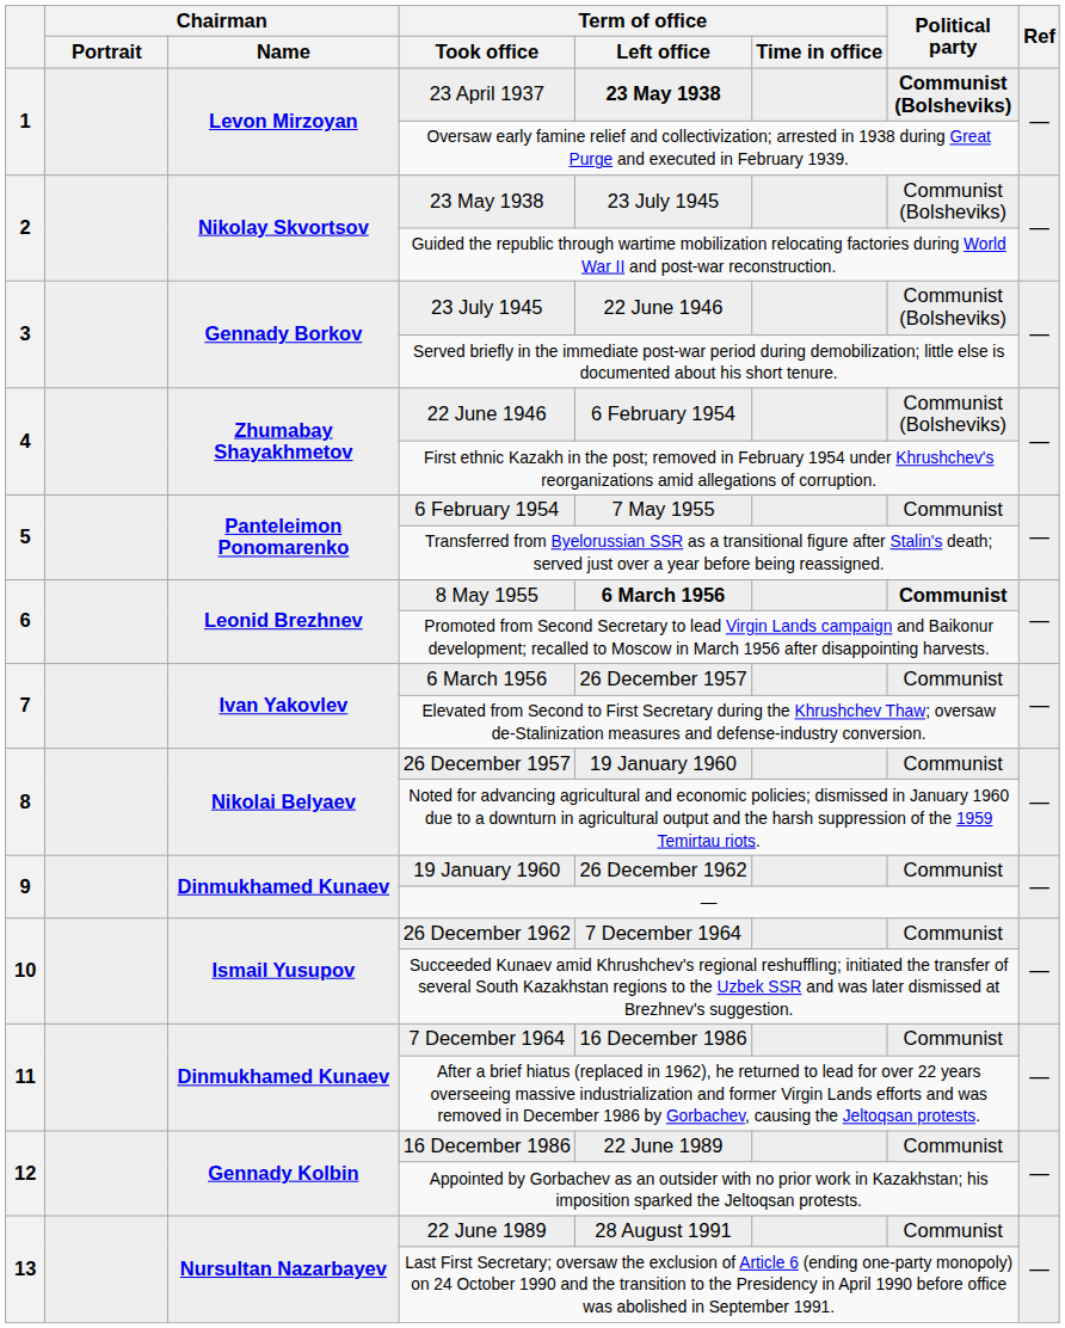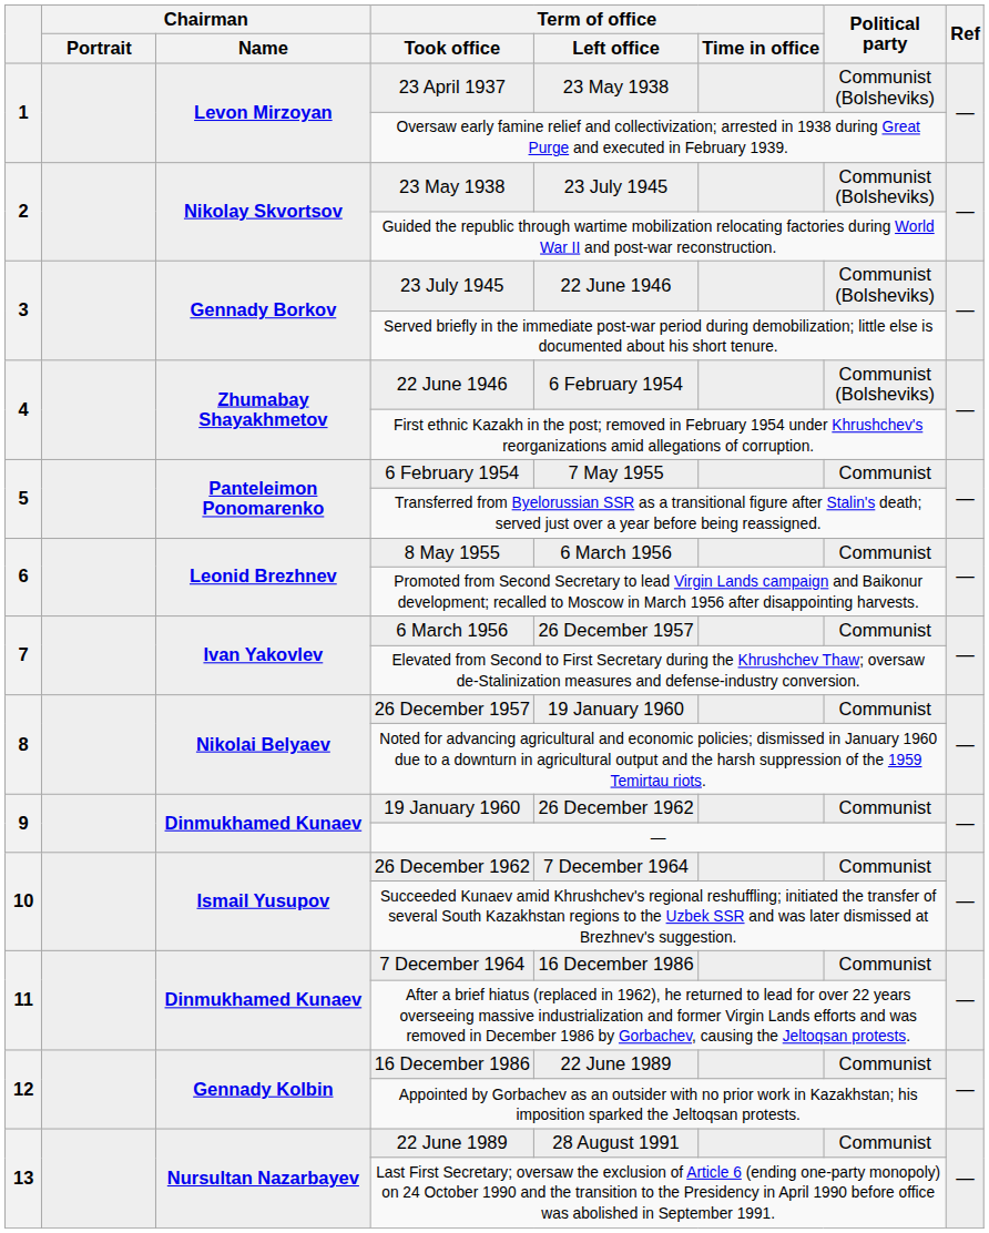 <table class="wikitable"  style="text-align:center">
 <tr>
 <th rowspan=2 style="width:25px;"></th>
 <th colspan=2 style="width:280px;">Chairman<br></th>
 <th colspan="3">Term of office</th>
 <th rowspan="2" style="width:100px;">Political party</th>
 <th rowspan=2 style="width:20px;">Ref</th>
 </tr>
 <tr>
 <th>Portrait</th>
 <th width=180px>Name</th>
 <th>Took office</th>
 <th>Left office</th>
 <th>Time in office</th>
 </tr>
 <tr bgcolor=#EEEEEE>
 <th rowspan=2 style="background:">1</th>
 <td rowspan=2></td>
 <td rowspan=2><strong><a href='#'>Levon Mirzoyan</a></strong><br></td>
 <td>23 April 1937</td>
-<td><strong>23 May 1938</strong></td>
+<td>23 May 1938</td>
 <td></td>
-<td style="background:"><strong><span>Communist<br>(Bolsheviks)</span></strong></td>
+<td style="background:"><span>Communist<br>(Bolsheviks)</span></td>
 <td rowspan=2>—</td>
 </tr>
 <tr>
 <td colspan="4" align="center" style="width:160px;"><small>Oversaw early famine relief and collectivization; arrested in 1938 during <a href='#'>Great Purge</a> and executed in February 1939.</small></td>
 </tr>
 <tr bgcolor=#EEEEEE>
 <th rowspan=2 style="background:">2</th>
 <td rowspan=2></td>
 <td rowspan=2><strong><a href='#'>Nikolay Skvortsov</a></strong><br></td>
 <td>23 May 1938</td>
 <td>23 July 1945</td>
 <td></td>
 <td style="background:"><span>Communist<br>(Bolsheviks)</span></td>
 <td rowspan=2>—</td>
 </tr>
 <tr>
 <td colspan="4" align="center" style="width:160px;"><small>Guided the republic through wartime mobilization relocating factories during <a href='#'>World War II</a> and post‑war reconstruction.</small></td>
 </tr>
 <tr bgcolor=#EEEEEE>
 <th rowspan=2 style="background:">3</th>
 <td rowspan=2></td>
 <td rowspan=2><strong><a href='#'>Gennady Borkov</a></strong><br></td>
 <td>23 July 1945</td>
 <td>22 June 1946</td>
 <td></td>
 <td style="background:"><span>Communist<br>(Bolsheviks)</span></td>
 <td rowspan=2>—</td>
 </tr>
 <tr>
 <td colspan="4" align="center" style="width:160px;"><small>Served briefly in the immediate post‑war period during demobilization; little else is documented about his short tenure.</small></td>
 </tr>
 <tr bgcolor=#EEEEEE>
 <th rowspan=2 style="background:">4</th>
 <td rowspan=2></td>
 <td rowspan=2><strong><a href='#'>Zhumabay Shayakhmetov</a></strong><br></td>
 <td>22 June 1946</td>
 <td>6 February 1954</td>
 <td></td>
 <td style="background:"><span>Communist<br>(Bolsheviks)</span></td>
 <td rowspan=2>—</td>
 </tr>
 <tr>
 <td colspan="4" align="center" style="width:160px;"><small>First ethnic Kazakh in the post; removed in February 1954 under <a href='#'>Khrushchev's</a> reorganizations amid allegations of corruption.</small></td>
 </tr>
 <tr bgcolor=#EEEEEE>
 <th rowspan=2 style="background:">5</th>
 <td rowspan=2></td>
 <td rowspan=2><strong><a href='#'>Panteleimon Ponomarenko</a></strong><br></td>
 <td>6 February 1954</td>
 <td>7 May 1955</td>
 <td></td>
 <td style="background:"><span>Communist</span></td>
 <td rowspan=2>—</td>
 </tr>
 <tr>
 <td colspan="4" align="center" style="width:160px;"><small>Transferred from <a href='#'>Byelorussian SSR</a> as a transitional figure after <a href='#'>Stalin's</a> death; served just over a year before being reassigned.</small></td>
 </tr>
 <tr bgcolor=#EEEEEE>
 <th rowspan=2 style="background:">6</th>
 <td rowspan=2></td>
 <td rowspan=2><strong><a href='#'>Leonid Brezhnev</a></strong><br></td>
 <td>8 May 1955</td>
-<td><strong>6 March 1956</strong></td>
+<td>6 March 1956</td>
 <td></td>
-<td style="background:"><strong><span>Communist</span></strong></td>
+<td style="background:"><span>Communist</span></td>
 <td rowspan=2>—</td>
 </tr>
 <tr>
 <td colspan="4" align="center" style="width:160px;"><small>Promoted from Second Secretary to lead <a href='#'>Virgin Lands campaign</a> and Baikonur development; recalled to Moscow in March 1956 after disappointing harvests.</small></td>
 </tr>
 <tr bgcolor=#EEEEEE>
 <th rowspan=2 style="background:">7</th>
 <td rowspan=2></td>
 <td rowspan=2><strong><a href='#'>Ivan Yakovlev</a></strong><br></td>
 <td>6 March 1956</td>
 <td>26 December 1957</td>
 <td></td>
 <td style="background:"><span>Communist</span></td>
 <td rowspan=2>—</td>
 </tr>
 <tr>
 <td colspan="4" align="center" style="width:160px;"><small>Elevated from Second to First Secretary during the <a href='#'>Khrushchev Thaw</a>; oversaw de‑Stalinization measures and defense‑industry conversion.</small></td>
 </tr>
 <tr bgcolor=#EEEEEE>
 <th rowspan=2 style="background:">8</th>
 <td rowspan=2></td>
 <td rowspan=2><strong><a href='#'>Nikolai Belyaev</a></strong><br></td>
 <td>26 December 1957</td>
 <td>19 January 1960</td>
 <td></td>
 <td style="background:"><span>Communist</span></td>
 <td rowspan=2>—</td>
 </tr>
 <tr>
 <td colspan="4" align="center" style="width:160px;"><small>Noted for advancing agricultural and economic policies; dismissed in January 1960 due to a downturn in agricultural output and the harsh suppression of the <a href='#'>1959 Temirtau riots</a>.</small></td>
 </tr>
 <tr bgcolor=#EEEEEE>
 <th rowspan=2 style="background:">9</th>
 <td rowspan=2></td>
 <td rowspan=2><strong><a href='#'>Dinmukhamed Kunaev</a></strong><br></td>
 <td>19 January 1960</td>
 <td>26 December 1962</td>
 <td></td>
 <td style="background:"><span>Communist</span></td>
 <td rowspan=2>—</td>
 </tr>
 <tr>
 <td colspan="4" align="center" style="width:160px;"><small>—</small></td>
 </tr>
 <tr bgcolor=#EEEEEE>
 <th rowspan=2 style="background:">10</th>
 <td rowspan=2></td>
 <td rowspan=2><strong><a href='#'>Ismail Yusupov</a></strong><br></td>
 <td>26 December 1962</td>
 <td>7 December 1964</td>
 <td></td>
 <td style="background:"><span>Communist</span></td>
 <td rowspan=2>—</td>
 </tr>
 <tr>
 <td colspan="4" align="center" style="width:160px;"><small>Succeeded Kunaev amid Khrushchev's regional reshuffling; initiated the transfer of several South Kazakhstan regions to the <a href='#'>Uzbek SSR</a> and was later dismissed at Brezhnev's suggestion.</small></td>
 </tr>
 <tr bgcolor=#EEEEEE>
 <th rowspan=2 style="background:">11</th>
 <td rowspan=2></td>
 <td rowspan=2><strong><a href='#'>Dinmukhamed Kunaev</a></strong><br></td>
 <td>7 December 1964</td>
 <td>16 December 1986</td>
 <td></td>
 <td style="background:"><span>Communist</span></td>
 <td rowspan=2>—</td>
 </tr>
 <tr>
 <td colspan="4" align="center" style="width:160px;"><small>After a brief hiatus (replaced in 1962), he returned to lead for over 22 years overseeing massive industrialization and former Virgin Lands efforts and was removed in December 1986 by <a href='#'>Gorbachev</a>, causing the <a href='#'>Jeltoqsan protests</a>.</small></td>
 </tr>
 <tr bgcolor=#EEEEEE>
 <th rowspan=2 style="background:">12</th>
 <td rowspan=2></td>
 <td rowspan=2><strong><a href='#'>Gennady Kolbin</a></strong><br></td>
 <td>16 December 1986</td>
 <td>22 June 1989</td>
 <td></td>
 <td style="background:"><span>Communist</span></td>
 <td rowspan=2>—</td>
 </tr>
 <tr>
 <td colspan="4" align="center" style="width:160px;"><small>Appointed by Gorbachev as an outsider with no prior work in Kazakhstan; his imposition sparked the Jeltoqsan protests.</small></td>
 </tr>
 <tr bgcolor=#EEEEEE>
 <th rowspan=2 style="background:">13</th>
 <td rowspan=2></td>
 <td rowspan=2><strong><a href='#'>Nursultan Nazarbayev</a></strong><br></td>
 <td>22 June 1989</td>
 <td>28 August 1991</td>
 <td></td>
 <td style="background:"><span>Communist</span></td>
 <td rowspan=2>—</td>
 </tr>
 <tr>
 <td colspan="4" align="center" style="width:160px;"><small>Last First Secretary; oversaw the exclusion of <a href='#'>Article 6</a> (ending one‑party monopoly) on 24 October 1990 and the transition to the Presidency in April 1990 before office was abolished in September 1991.</small></td>
 </tr>
 </table>
